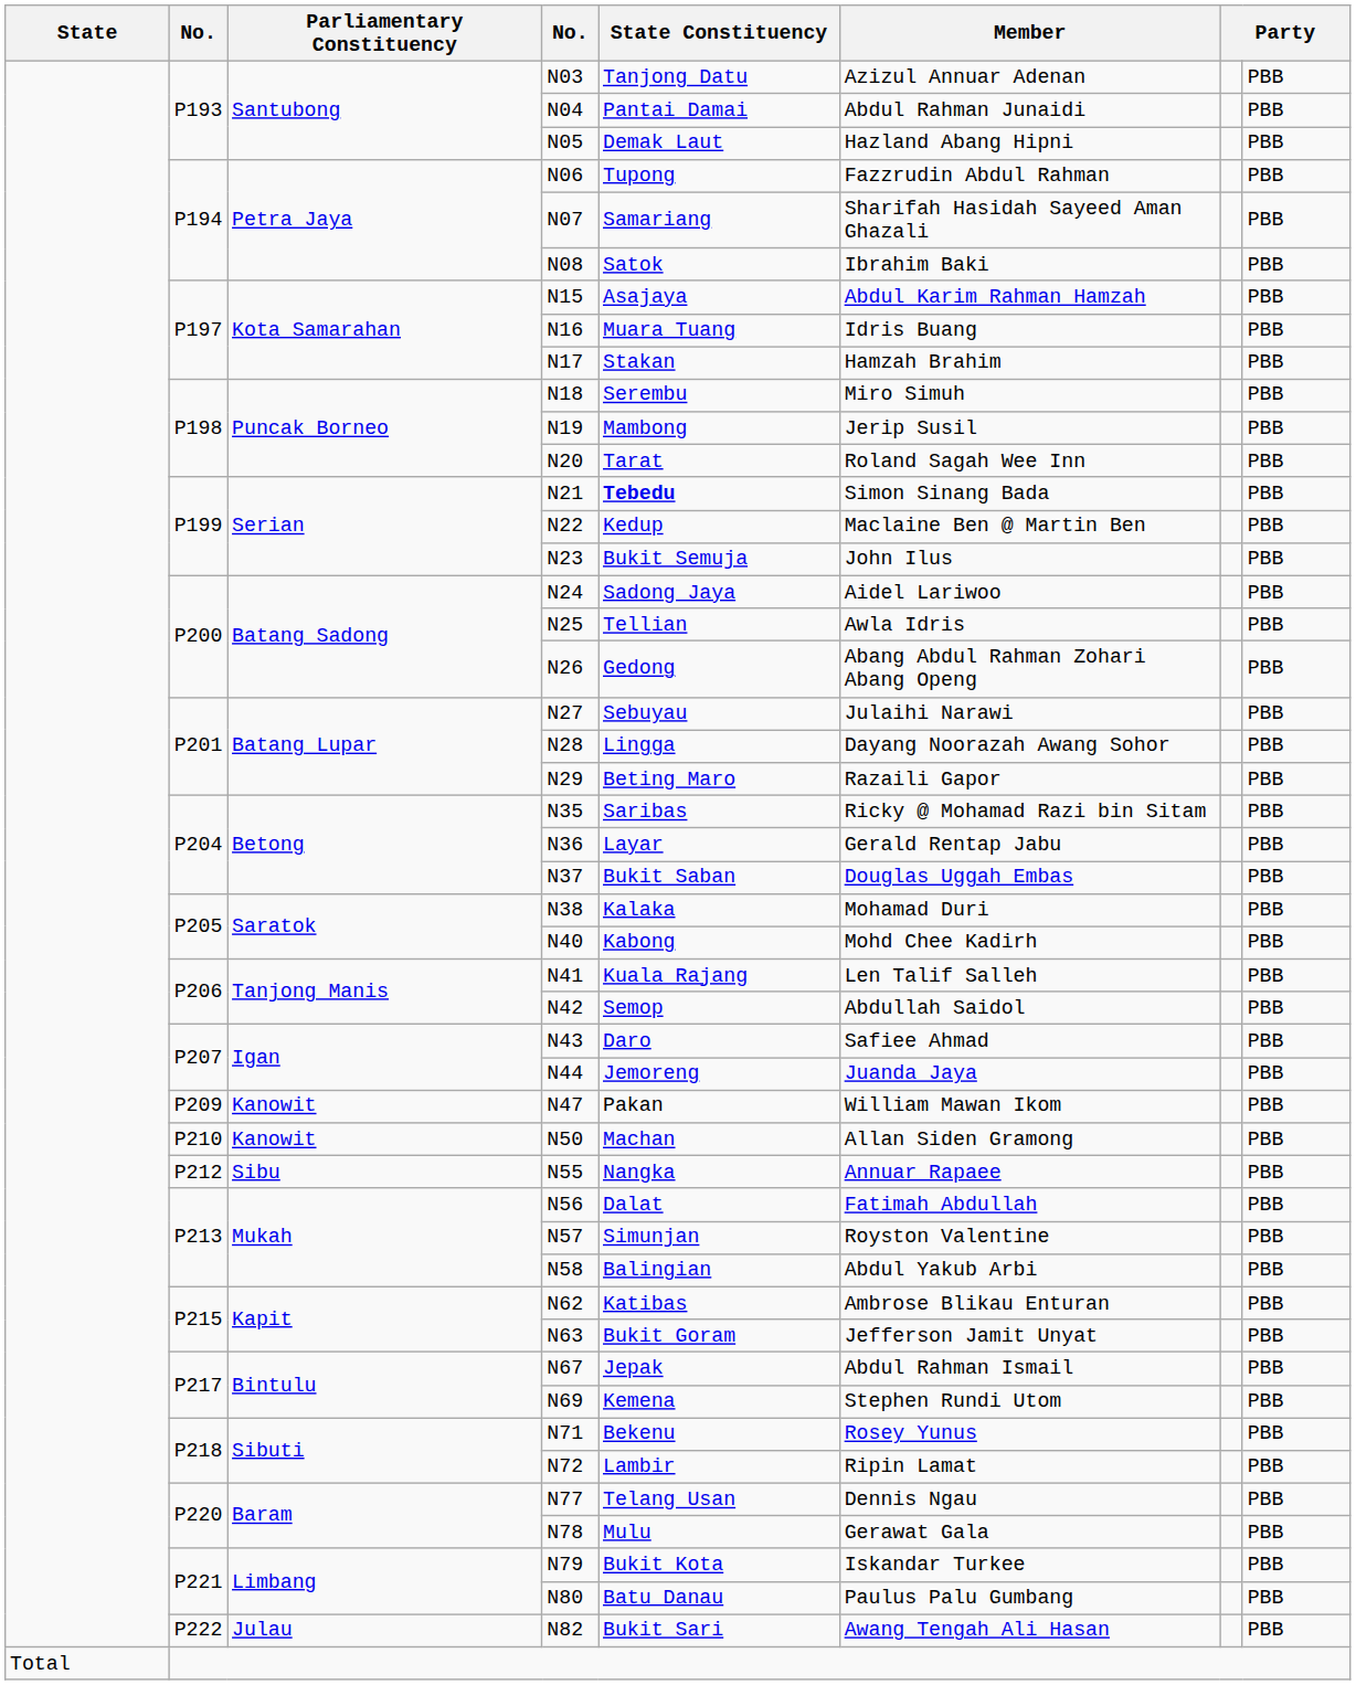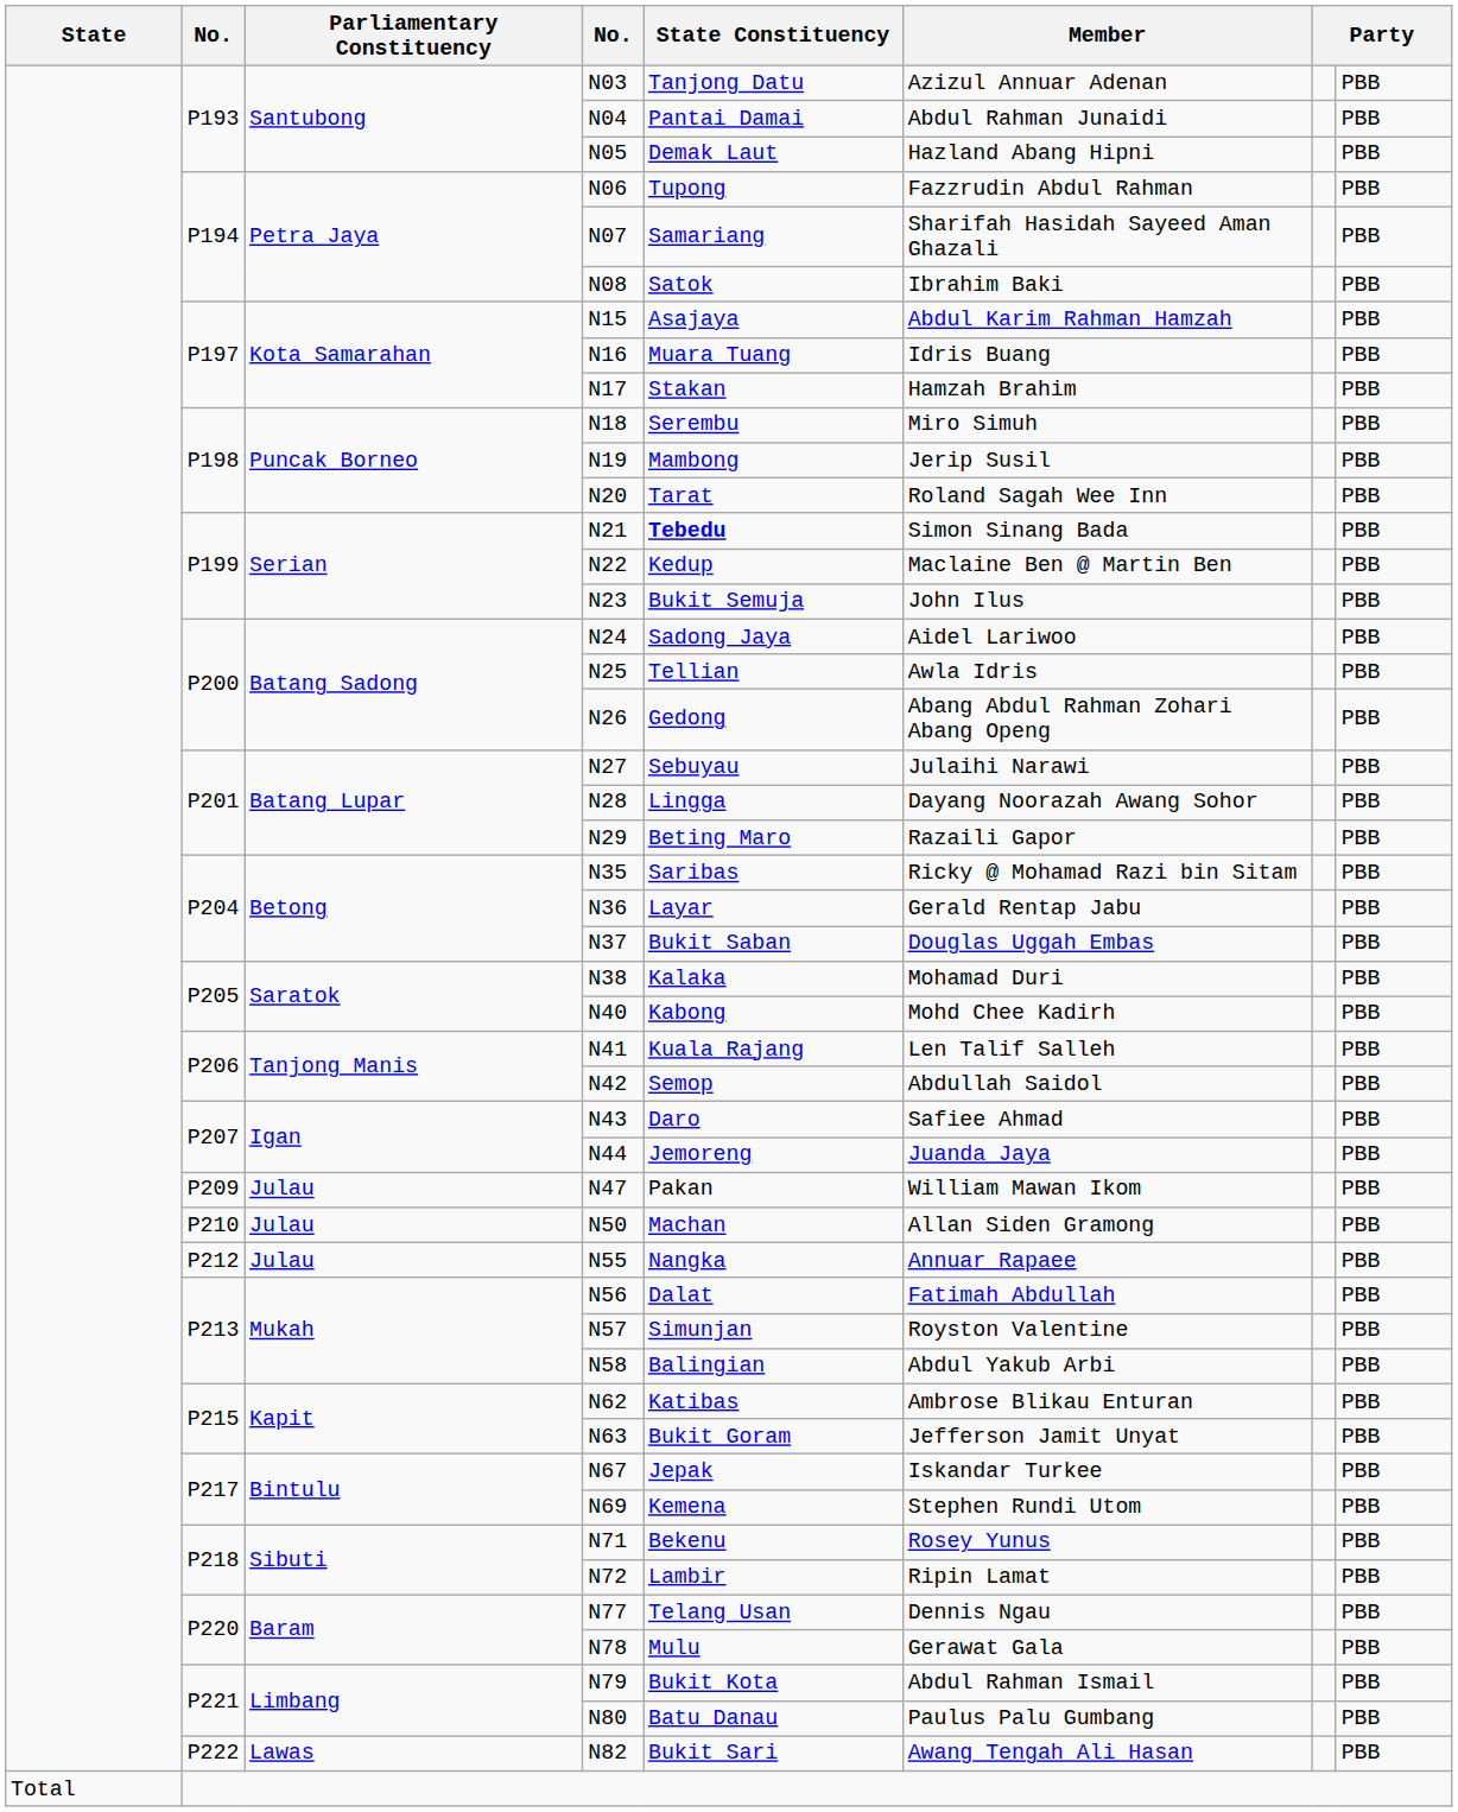 <table class="wikitable sortable">
 <tr>
 <th style="width:100px;">State</th>
 <th>No.</th>
 <th>Parliamentary Constituency</th>
 <th style="width:30px;">No.</th>
 <th style="width:150px;">State Constituency</th>
 <th style="width:240px;">Member</th>
 <th colspan="2" style="width:80px;">Party</th>
 </tr>
 <tr>
 <td rowspan="47"></td>
 <td rowspan="3">P193</td>
 <td rowspan="3"><a href='#'>Santubong</a></td>
 <td>N03</td>
 <td><a href='#'>Tanjong Datu</a></td>
 <td>Azizul Annuar Adenan</td>
 <td style="background:"></td>
 <td>PBB</td>
 </tr>
 <tr>
 <td>N04</td>
 <td><a href='#'>Pantai Damai</a></td>
 <td>Abdul Rahman Junaidi</td>
 <td style="background:"></td>
 <td>PBB</td>
 </tr>
 <tr>
 <td>N05</td>
 <td><a href='#'>Demak Laut</a></td>
 <td>Hazland Abang Hipni</td>
 <td style="background:"></td>
 <td>PBB</td>
 </tr>
 <tr>
 <td rowspan="3">P194</td>
 <td rowspan="3"><a href='#'>Petra Jaya</a></td>
 <td>N06</td>
 <td><a href='#'>Tupong</a></td>
 <td>Fazzrudin Abdul Rahman</td>
 <td style="background:"></td>
 <td>PBB</td>
 </tr>
 <tr>
 <td>N07</td>
 <td><a href='#'>Samariang</a></td>
 <td>Sharifah Hasidah Sayeed Aman Ghazali</td>
 <td style="background:"></td>
 <td>PBB</td>
 </tr>
 <tr>
 <td>N08</td>
 <td><a href='#'>Satok</a></td>
 <td>Ibrahim Baki</td>
 <td style="background:"></td>
 <td>PBB</td>
 </tr>
 <tr>
 <td rowspan="3">P197</td>
 <td rowspan="3"><a href='#'>Kota Samarahan</a></td>
 <td>N15</td>
 <td><a href='#'>Asajaya</a></td>
 <td><a href='#'>Abdul Karim Rahman Hamzah</a></td>
 <td style="background:"></td>
 <td>PBB</td>
 </tr>
 <tr>
 <td>N16</td>
 <td><a href='#'>Muara Tuang</a></td>
 <td>Idris Buang</td>
 <td style="background:"></td>
 <td>PBB</td>
 </tr>
 <tr>
 <td>N17</td>
 <td><a href='#'>Stakan</a></td>
 <td>Hamzah Brahim</td>
 <td style="background:"></td>
 <td>PBB</td>
 </tr>
 <tr>
 <td rowspan="3">P198</td>
 <td rowspan="3"><a href='#'>Puncak Borneo</a></td>
 <td>N18</td>
 <td><a href='#'>Serembu</a></td>
 <td>Miro Simuh</td>
 <td style="background:"></td>
 <td>PBB</td>
 </tr>
 <tr>
 <td>N19</td>
 <td><a href='#'>Mambong</a></td>
 <td>Jerip Susil</td>
 <td style="background:"></td>
 <td>PBB</td>
 </tr>
 <tr>
 <td>N20</td>
 <td><a href='#'>Tarat</a></td>
 <td>Roland Sagah Wee Inn</td>
 <td style="background:"></td>
 <td>PBB</td>
 </tr>
 <tr>
 <td rowspan="3">P199</td>
 <td rowspan="3"><a href='#'>Serian</a></td>
 <td>N21</td>
 <td><strong><a href='#'>Tebedu</a></strong></td>
 <td>Simon Sinang Bada</td>
 <td style="background:"></td>
 <td>PBB</td>
 </tr>
 <tr>
 <td>N22</td>
 <td><a href='#'>Kedup</a></td>
 <td>Maclaine Ben @ Martin Ben</td>
 <td style="background:"></td>
 <td>PBB</td>
 </tr>
 <tr>
 <td>N23</td>
 <td><a href='#'>Bukit Semuja</a></td>
 <td>John Ilus</td>
 <td style="background:"></td>
 <td>PBB</td>
 </tr>
 <tr>
 <td rowspan="3">P200</td>
 <td rowspan="3"><a href='#'>Batang Sadong</a></td>
 <td>N24</td>
 <td><a href='#'>Sadong Jaya</a></td>
 <td>Aidel Lariwoo</td>
 <td style="background:"></td>
 <td>PBB</td>
 </tr>
 <tr>
 <td>N25</td>
 <td><a href='#'>Tellian</a></td>
 <td>Awla Idris</td>
 <td style="background:"></td>
 <td>PBB</td>
 </tr>
 <tr>
 <td>N26</td>
 <td><a href='#'>Gedong</a></td>
 <td>Abang Abdul Rahman Zohari Abang Openg</td>
 <td style="background:"></td>
 <td>PBB</td>
 </tr>
 <tr>
 <td rowspan="3">P201</td>
 <td rowspan="3"><a href='#'>Batang Lupar</a></td>
 <td>N27</td>
 <td><a href='#'>Sebuyau</a></td>
 <td>Julaihi Narawi</td>
 <td style="background:"></td>
 <td>PBB</td>
 </tr>
 <tr>
 <td>N28</td>
 <td><a href='#'>Lingga</a></td>
 <td>Dayang Noorazah Awang Sohor</td>
 <td style="background:"></td>
 <td>PBB</td>
 </tr>
 <tr>
 <td>N29</td>
 <td><a href='#'>Beting Maro</a></td>
 <td>Razaili Gapor</td>
 <td style="background:"></td>
 <td>PBB</td>
 </tr>
 <tr>
 <td rowspan="3">P204</td>
 <td rowspan="3"><a href='#'>Betong</a></td>
 <td>N35</td>
 <td><a href='#'>Saribas</a></td>
 <td>Ricky @ Mohamad Razi bin Sitam</td>
 <td style="background:"></td>
 <td>PBB</td>
 </tr>
 <tr>
 <td>N36</td>
 <td><a href='#'>Layar</a></td>
 <td>Gerald Rentap Jabu</td>
 <td style="background:"></td>
 <td>PBB</td>
 </tr>
 <tr>
 <td>N37</td>
 <td><a href='#'>Bukit Saban</a></td>
 <td><a href='#'>Douglas Uggah Embas</a></td>
 <td style="background:"></td>
 <td>PBB</td>
 </tr>
 <tr>
 <td rowspan="2">P205</td>
 <td rowspan="2"><a href='#'>Saratok</a></td>
 <td>N38</td>
 <td><a href='#'>Kalaka</a></td>
 <td>Mohamad Duri</td>
 <td style="background:"></td>
 <td>PBB</td>
 </tr>
 <tr>
 <td>N40</td>
 <td><a href='#'>Kabong</a></td>
 <td>Mohd Chee Kadirh</td>
 <td style="background:"></td>
 <td>PBB</td>
 </tr>
 <tr>
 <td rowspan="2">P206</td>
 <td rowspan="2"><a href='#'>Tanjong Manis</a></td>
 <td>N41</td>
 <td><a href='#'>Kuala Rajang</a></td>
 <td>Len Talif Salleh</td>
 <td style="background:"></td>
 <td>PBB</td>
 </tr>
 <tr>
 <td>N42</td>
 <td><a href='#'>Semop</a></td>
 <td>Abdullah Saidol</td>
 <td style="background:"></td>
 <td>PBB</td>
 </tr>
 <tr>
 <td rowspan="2">P207</td>
 <td rowspan="2"><a href='#'>Igan</a></td>
 <td>N43</td>
 <td><a href='#'>Daro</a></td>
 <td>Safiee Ahmad</td>
 <td style="background:"></td>
 <td>PBB</td>
 </tr>
 <tr>
 <td>N44</td>
 <td><a href='#'>Jemoreng</a></td>
 <td><a href='#'>Juanda Jaya</a></td>
 <td style="background:"></td>
 <td>PBB</td>
 </tr>
 <tr>
 <td>P209</td>
-<td><a href='#'>Kanowit</a></td>
+<td><a href='#'>Julau</a></td>
 <td>N47</td>
 <td>Pakan</td>
 <td>William Mawan Ikom</td>
 <td style="background:"></td>
 <td>PBB</td>
 </tr>
 <tr>
 <td>P210</td>
-<td><a href='#'>Kanowit</a></td>
+<td><a href='#'>Julau</a></td>
 <td>N50</td>
 <td><a href='#'>Machan</a></td>
 <td>Allan Siden Gramong</td>
 <td style="background:"></td>
 <td>PBB</td>
 </tr>
 <tr>
 <td>P212</td>
-<td><a href='#'>Sibu</a></td>
+<td><a href='#'>Julau</a></td>
 <td>N55</td>
 <td><a href='#'>Nangka</a></td>
 <td><a href='#'>Annuar Rapaee</a></td>
 <td style="background:"></td>
 <td>PBB</td>
 </tr>
 <tr>
 <td rowspan="3">P213</td>
 <td rowspan="3"><a href='#'>Mukah</a></td>
 <td>N56</td>
 <td><a href='#'>Dalat</a></td>
 <td><a href='#'>Fatimah Abdullah</a></td>
 <td style="background:"></td>
 <td>PBB</td>
 </tr>
 <tr>
 <td>N57</td>
 <td><a href='#'>Simunjan</a></td>
 <td>Royston Valentine</td>
 <td style="background:"></td>
 <td>PBB</td>
 </tr>
 <tr>
 <td>N58</td>
 <td><a href='#'>Balingian</a></td>
 <td>Abdul Yakub Arbi</td>
 <td style="background:"></td>
 <td>PBB</td>
 </tr>
 <tr>
 <td rowspan="2">P215</td>
 <td rowspan="2"><a href='#'>Kapit</a></td>
 <td>N62</td>
 <td><a href='#'>Katibas</a></td>
 <td>Ambrose Blikau Enturan</td>
 <td style="background:"></td>
 <td>PBB</td>
 </tr>
 <tr>
 <td>N63</td>
 <td><a href='#'>Bukit Goram</a></td>
 <td>Jefferson Jamit Unyat</td>
 <td style="background:"></td>
 <td>PBB</td>
 </tr>
 <tr>
 <td rowspan="2">P217</td>
 <td rowspan="2"><a href='#'>Bintulu</a></td>
 <td>N67</td>
 <td><a href='#'>Jepak</a></td>
-<td>Abdul Rahman Ismail</td>
+<td>Iskandar Turkee</td>
 <td style="background:"></td>
 <td>PBB</td>
 </tr>
 <tr>
 <td>N69</td>
 <td><a href='#'>Kemena</a></td>
 <td>Stephen Rundi Utom</td>
 <td style="background:"></td>
 <td>PBB</td>
 </tr>
 <tr>
 <td rowspan="2">P218</td>
 <td rowspan="2"><a href='#'>Sibuti</a></td>
 <td>N71</td>
 <td><a href='#'>Bekenu</a></td>
 <td><a href='#'>Rosey Yunus</a></td>
 <td style="background:"></td>
 <td>PBB</td>
 </tr>
 <tr>
 <td>N72</td>
 <td><a href='#'>Lambir</a></td>
 <td>Ripin Lamat</td>
 <td style="background:"></td>
 <td>PBB</td>
 </tr>
 <tr>
 <td rowspan="2">P220</td>
 <td rowspan="2"><a href='#'>Baram</a></td>
 <td>N77</td>
 <td><a href='#'>Telang Usan</a></td>
 <td>Dennis Ngau</td>
 <td style="background:"></td>
 <td>PBB</td>
 </tr>
 <tr>
 <td>N78</td>
 <td><a href='#'>Mulu</a></td>
 <td>Gerawat Gala</td>
 <td style="background:"></td>
 <td>PBB</td>
 </tr>
 <tr>
 <td rowspan="2">P221</td>
 <td rowspan="2"><a href='#'>Limbang</a></td>
 <td>N79</td>
 <td><a href='#'>Bukit Kota</a></td>
-<td>Iskandar Turkee</td>
+<td>Abdul Rahman Ismail</td>
 <td style="background:"></td>
 <td>PBB</td>
 </tr>
 <tr>
 <td>N80</td>
 <td><a href='#'>Batu Danau</a></td>
 <td>Paulus Palu Gumbang</td>
 <td style="background:"></td>
 <td>PBB</td>
 </tr>
 <tr>
 <td>P222</td>
-<td><a href='#'>Julau</a></td>
+<td><a href='#'>Lawas</a></td>
 <td>N82</td>
 <td><a href='#'>Bukit Sari</a></td>
 <td><a href='#'>Awang Tengah Ali Hasan</a></td>
 <td style="background:"></td>
 <td>PBB</td>
 </tr>
 <tr>
 <td>Total</td>
 <td colspan="7"></td>
 </tr>
 </table>
